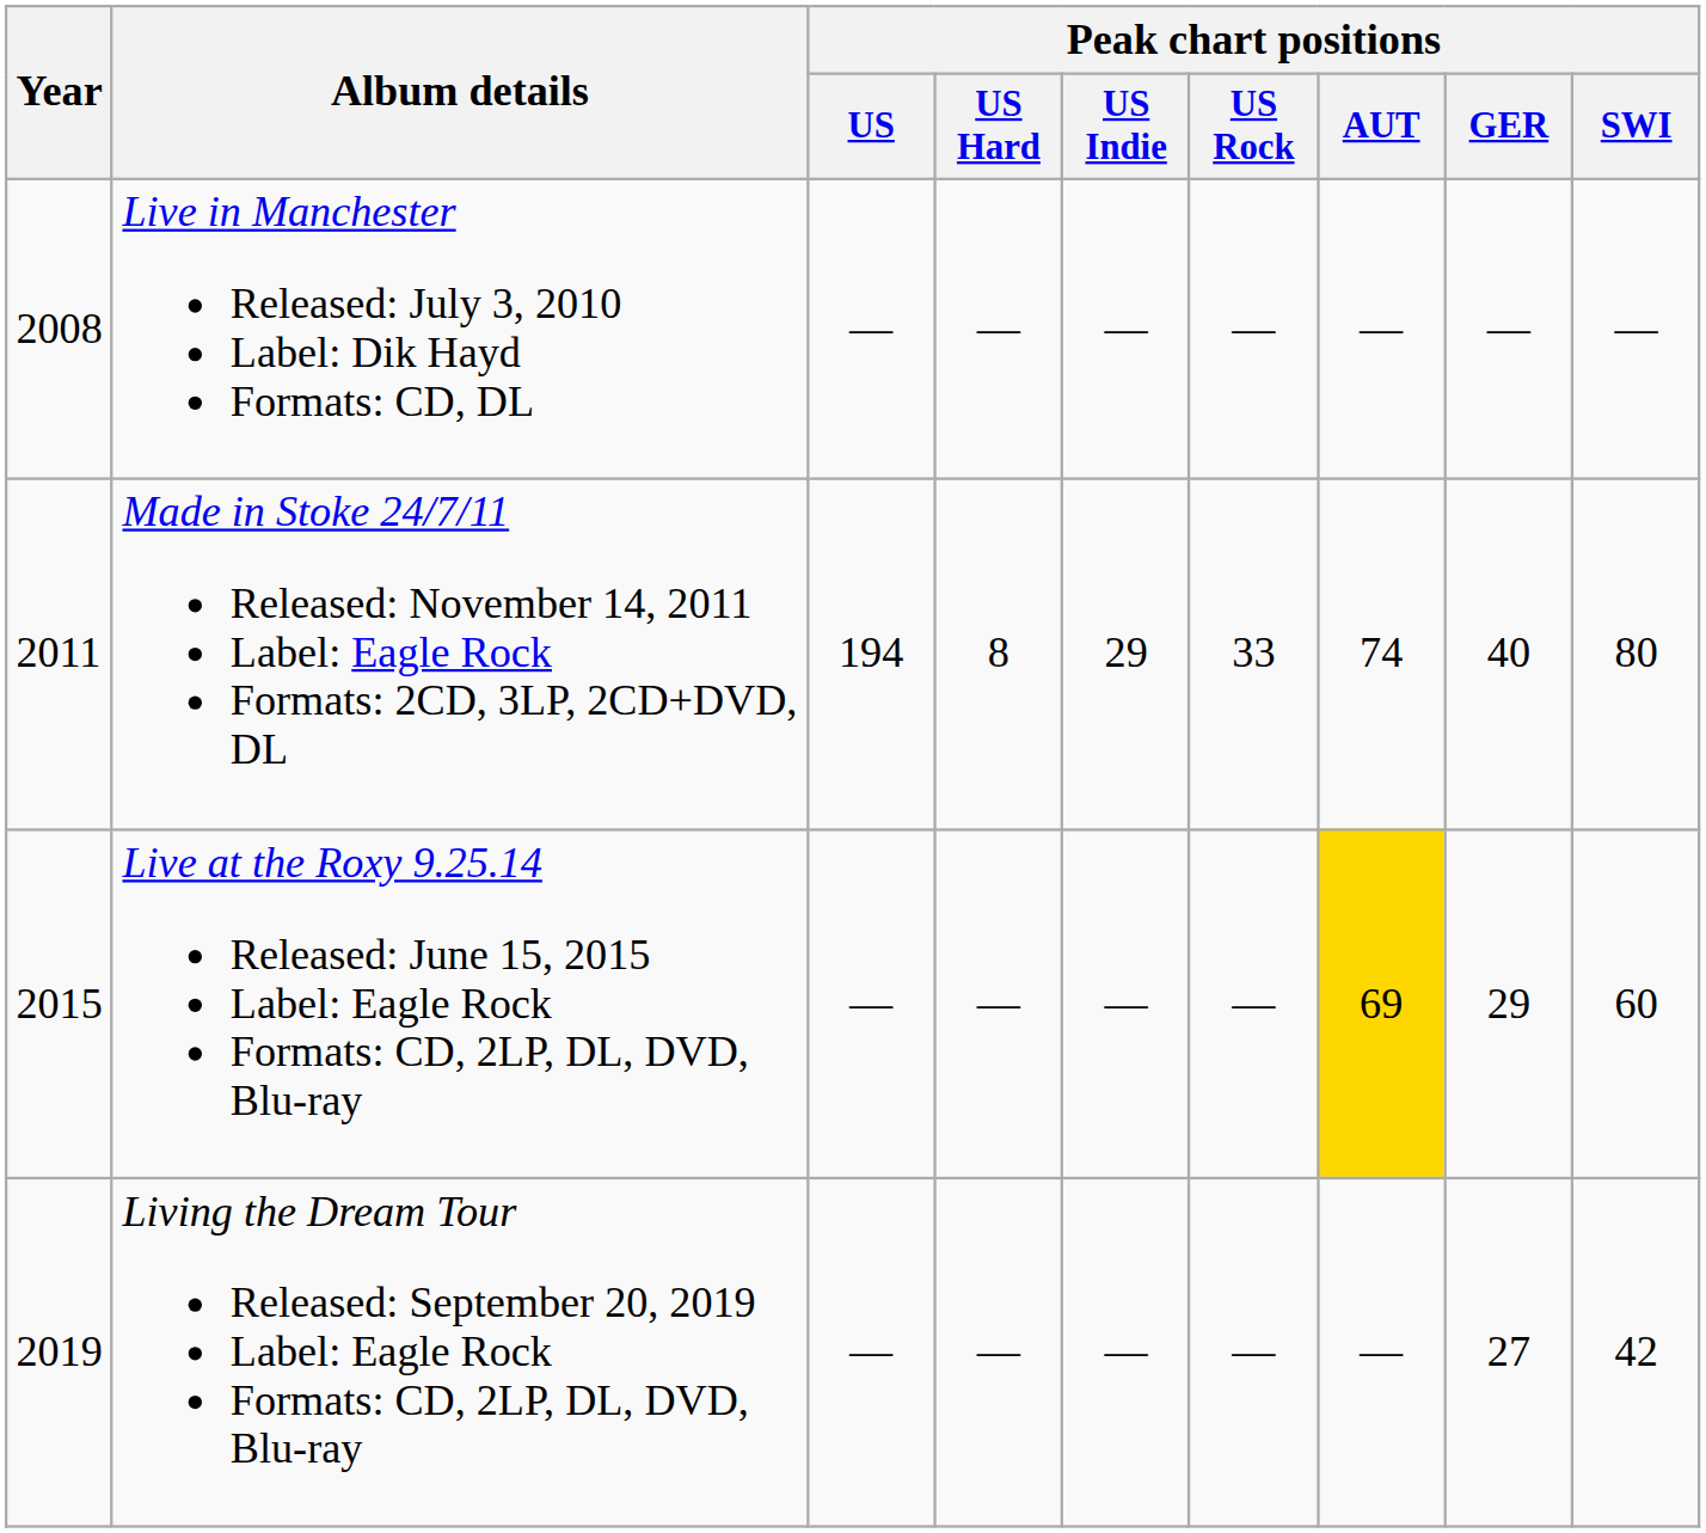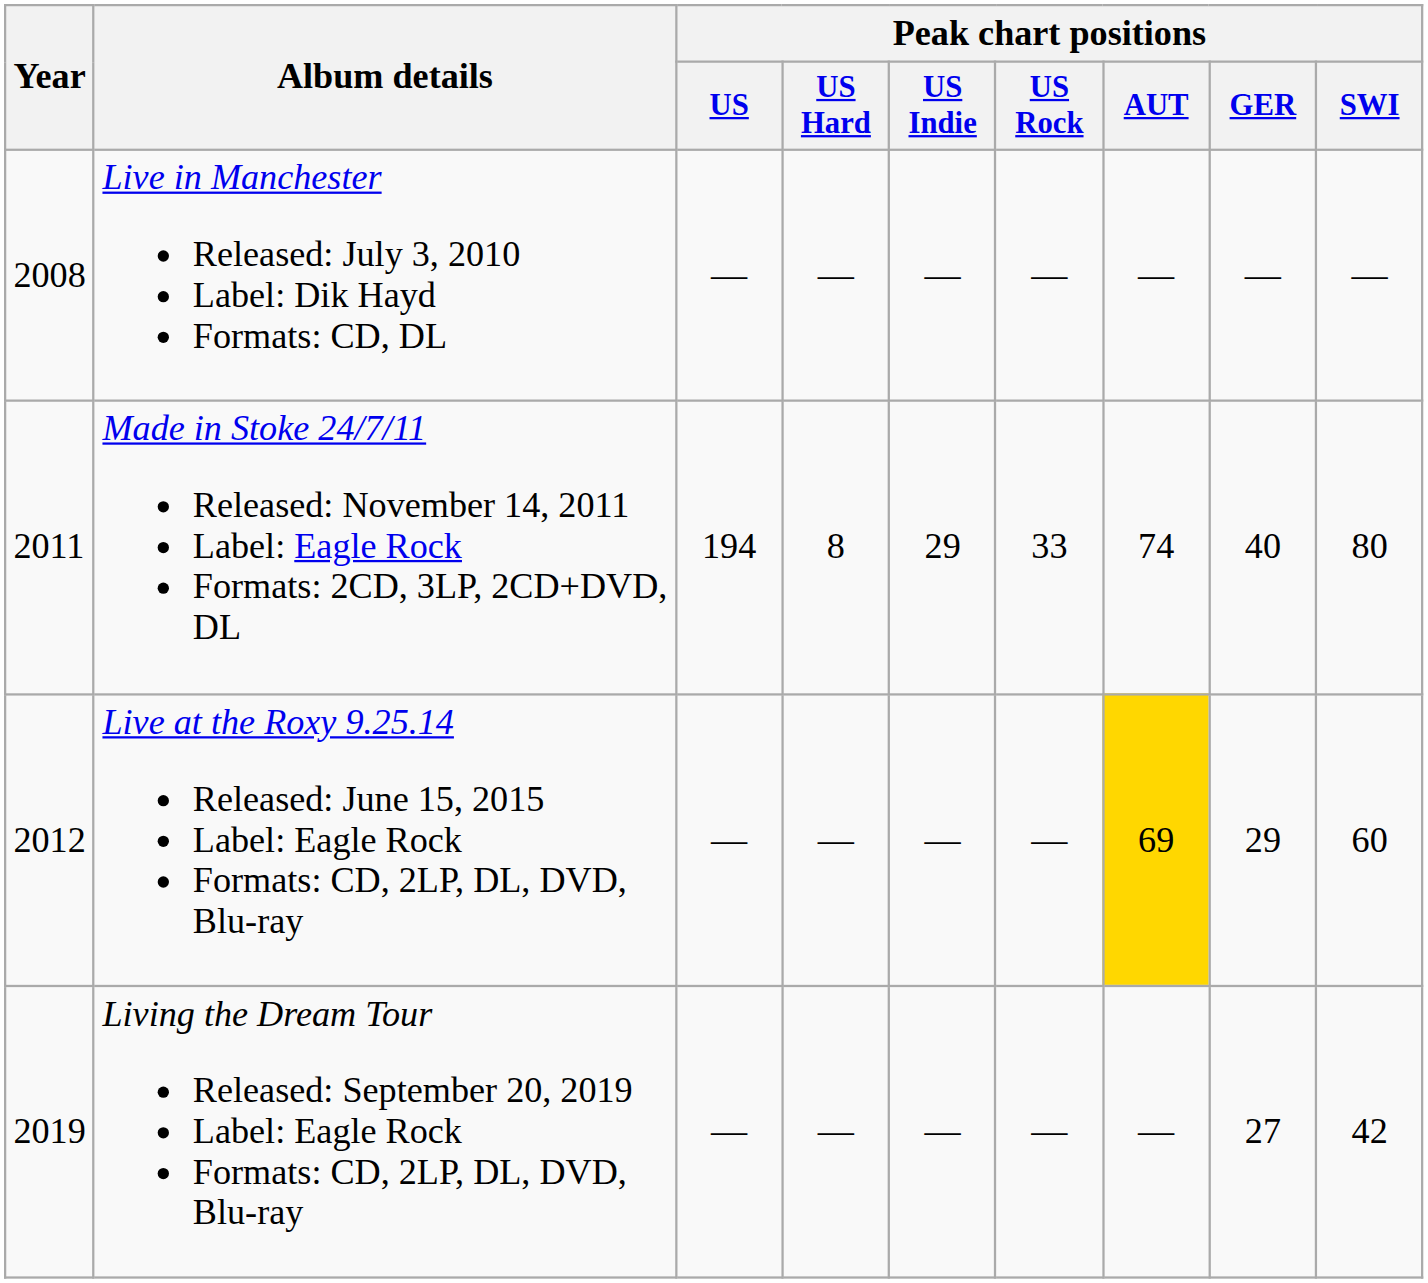 <table class="wikitable">
 <tr>
 <th rowspan="2">Year</th>
 <th rowspan="2" width="250">Album details</th>
 <th colspan="7">Peak chart positions</th>
 </tr>
 <tr>
 <th style="width:3em;font-size:85%"><a href='#'>US</a><br></th>
 <th style="width:3em;font-size:85%"><a href='#'>US<br>Hard</a><br></th>
 <th style="width:3em;font-size:85%"><a href='#'>US<br>Indie</a><br></th>
 <th style="width:3em;font-size:85%"><a href='#'>US<br>Rock</a><br></th>
 <th style="width:3em;font-size:85%"><a href='#'>AUT</a><br></th>
 <th style="width:3em;font-size:85%"><a href='#'>GER</a><br></th>
 <th style="width:3em;font-size:85%"><a href='#'>SWI</a><br></th>
 </tr>
 <tr>
 <td>2008</td>
 <td><em><a href='#'>Live in Manchester</a></em><br><ul><li>Released: July 3, 2010</li><li>Label: Dik Hayd</li><li>Formats: CD, DL</li></ul></td>
 <td align="center" >—</td>
 <td align="center" >—</td>
 <td align="center" >—</td>
 <td align="center" >—</td>
 <td align="center" >—</td>
 <td align="center" >—</td>
 <td align="center" >—</td>
 </tr>
 <tr>
 <td>2011</td>
 <td><em><a href='#'>Made in Stoke 24/7/11</a></em><br><ul><li>Released: November 14, 2011</li><li>Label: <a href='#'>Eagle Rock</a></li><li>Formats: 2CD, 3LP, 2CD+DVD, DL</li></ul></td>
 <td align="center" >194</td>
 <td align="center" >8</td>
 <td align="center" >29</td>
 <td align="center" >33</td>
 <td align="center" >74</td>
 <td align="center" >40</td>
 <td align="center" >80</td>
 </tr>
 <tr>
-<td>2015</td>
+<td>2012</td>
 <td><em><a href='#'>Live at the Roxy 9.25.14</a></em><br><ul><li>Released: June 15, 2015</li><li>Label: Eagle Rock</li><li>Formats: CD, 2LP, DL, DVD, Blu-ray</li></ul></td>
 <td align="center" >—</td>
 <td align="center" >—</td>
 <td align="center" >—</td>
 <td align="center" >—</td>
 <td align="center"  style="background: gold;">69</td>
 <td align="center" >29</td>
 <td align="center" >60</td>
 </tr>
 <tr>
 <td>2019</td>
 <td><em>Living the Dream Tour</em><br><ul><li>Released: September 20, 2019</li><li>Label: Eagle Rock</li><li>Formats: CD, 2LP, DL, DVD, Blu-ray</li></ul></td>
 <td align="center" >—</td>
 <td align="center" >—</td>
 <td align="center" >—</td>
 <td align="center" >—</td>
 <td align="center" >—</td>
 <td align="center" >27</td>
 <td align="center" >42</td>
 </tr>
 </table>
